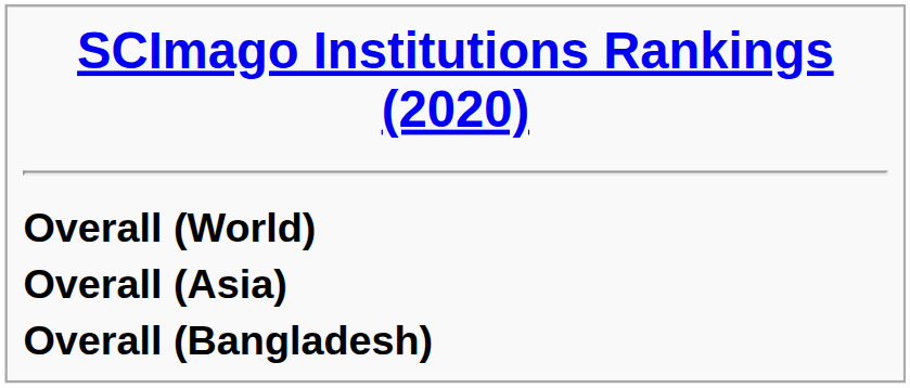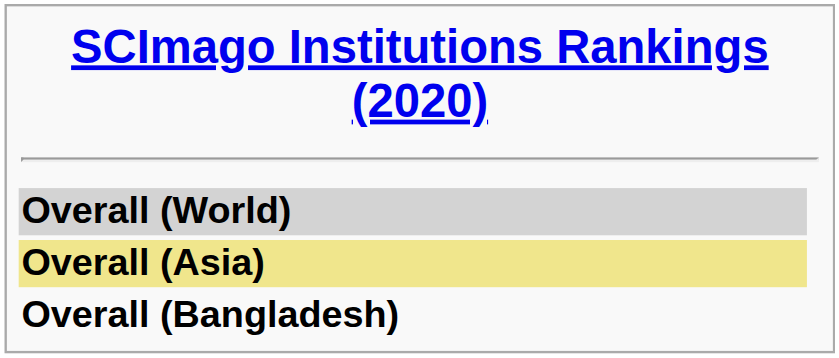 <table class="infobox vcard" style="width: 22em">
 <tr>
 <th colspan=2 class="n" style="text-align: centre; font-size: 125%"><span><a href='#'>SCImago Institutions Rankings (2020)</a></span></th>
 </tr>
 <tr>
 <td colspan="2"><hr></td>
 </tr>
 <tr>
-<td><strong>Overall (World)</strong></td>
+<td style="background: lightgrey;"><strong>Overall (World)</strong></td>
 <td></td>
 </tr>
 <tr>
-<td><strong>Overall (Asia)</strong></td>
+<td style="background: khaki;"><strong>Overall (Asia)</strong></td>
 <td></td>
 </tr>
 <tr>
 <td><strong>Overall (Bangladesh)</strong></td>
 <td></td>
 </tr>
 </table>
